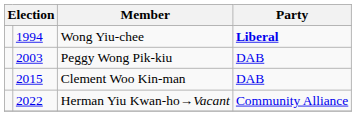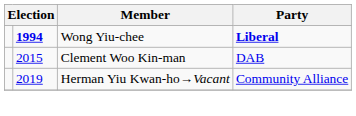 <table class="wikitable">
 <tr>
 <th colspan="2">Election</th>
 <th>Member</th>
 <th>Party</th>
 </tr>
 <tr>
 <td style="color:inherit;background:"></td>
-<td><a href='#'>1994</a></td>
+<td><strong><a href='#'>1994</a></strong></td>
 <td>Wong Yiu-chee</td>
 <td><strong><a href='#'>Liberal</a></strong></td>
-</tr>
-<tr>
-<td style="color:inherit;background:"></td>
-<td><a href='#'>2003</a></td>
-<td>Peggy Wong Pik-kiu</td>
-<td><a href='#'>DAB</a></td>
 </tr>
 <tr>
 <td style="color:inherit;background:"></td>
 <td><a href='#'>2015</a></td>
 <td>Clement Woo Kin-man</td>
 <td><a href='#'>DAB</a></td>
 </tr>
 <tr>
 <td style="color:inherit;background:"></td>
-<td><a href='#'>2022</a></td>
+<td><a href='#'>2019</a></td>
 <td>Herman Yiu Kwan-ho→<em>Vacant</em></td>
 <td><a href='#'>Community Alliance</a></td>
 </tr>
 <tr>
 </tr>
 </table>
